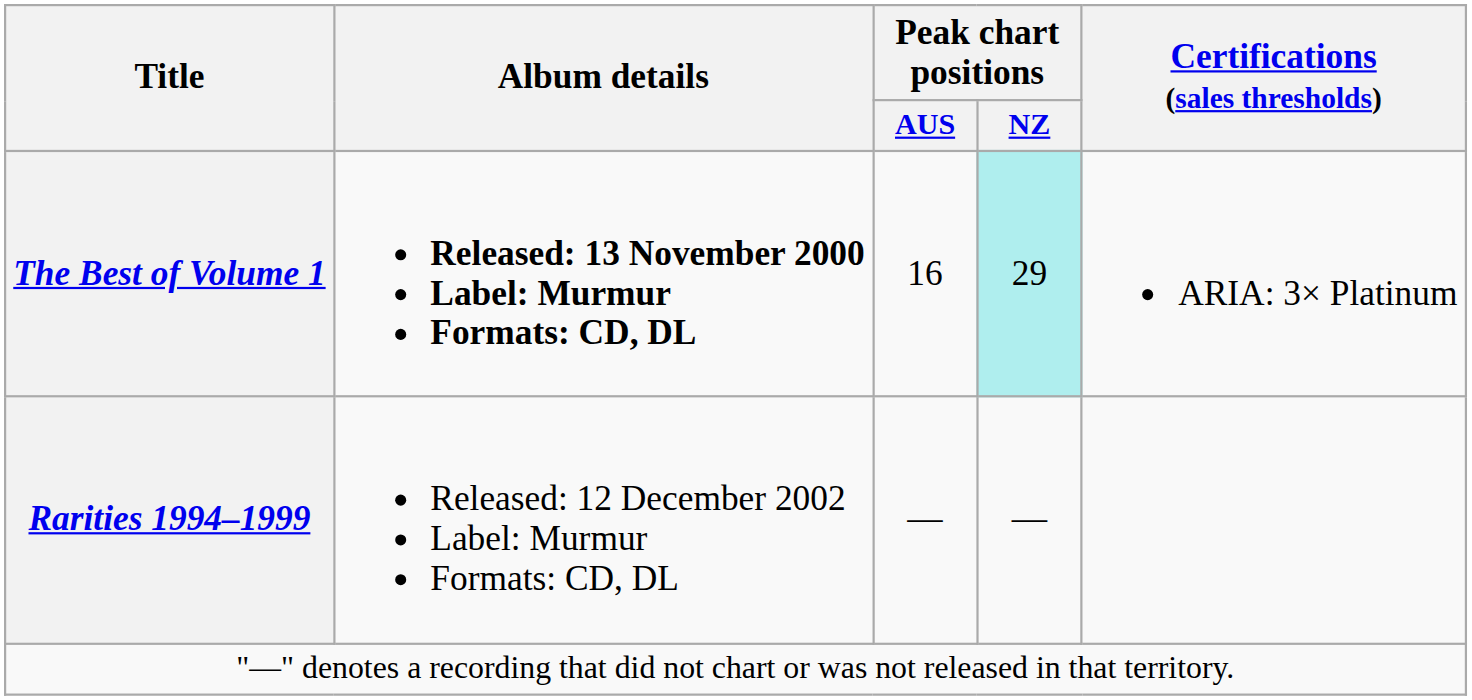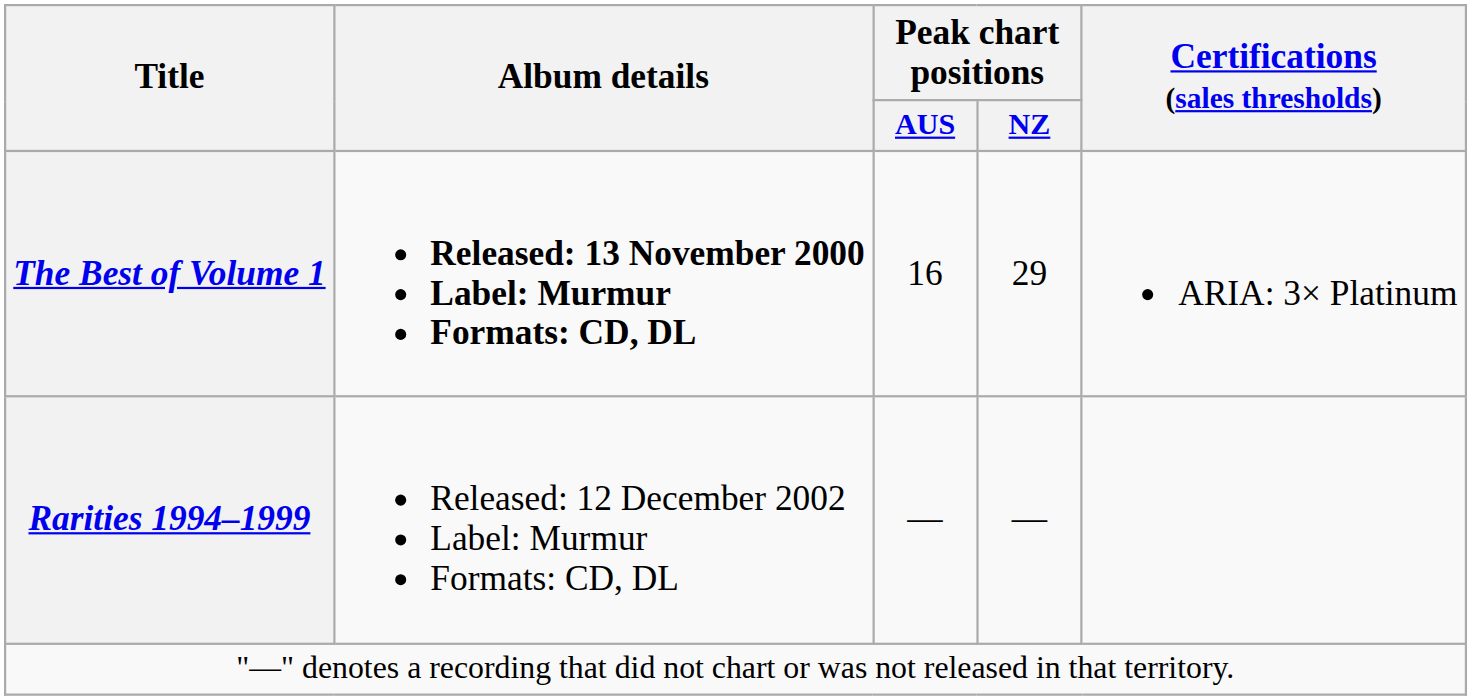 <table class="wikitable plainrowheaders">
 <tr>
 <th scope="col" rowspan="2">Title</th>
 <th scope="col" rowspan="2">Album details</th>
 <th scope="col" colspan="2">Peak chart positions</th>
 <th scope="col" rowspan="2"><a href='#'>Certifications</a><br><small>(<a href='#'>sales thresholds</a>)</small></th>
 </tr>
 <tr>
 <th scope="col" style="width:3em;font-size:85%;"><a href='#'>AUS</a><br></th>
 <th scope="col" style="width:3em;font-size:85%;"><a href='#'>NZ</a><br></th>
 </tr>
 <tr>
 <th scope="row"><em><a href='#'>The Best of Volume 1</a></em></th>
 <td><strong><br><ul><li>Released: 13 November 2000</li><li>Label: Murmur</li><li>Formats: CD, DL</li></ul></strong></td>
 <td style="text-align:center;">16</td>
-<td style="background: paleturquoise; text-align:center;">29</td>
+<td style="text-align:center;">29</td>
 <td><br><ul><li>ARIA: 3× Platinum</li></ul></td>
 </tr>
 <tr>
 <th scope="row"><em><a href='#'>Rarities 1994–1999</a></em></th>
 <td><br><ul><li>Released: 12 December 2002</li><li>Label: Murmur</li><li>Formats: CD, DL</li></ul></td>
 <td style="text-align:center;">—</td>
 <td style="text-align:center;">—</td>
 <td></td>
 </tr>
 <tr>
 <td colspan="7" style="font-size:90%; text-align:center;">"—" denotes a recording that did not chart or was not released in that territory.</td>
 </tr>
 </table>
